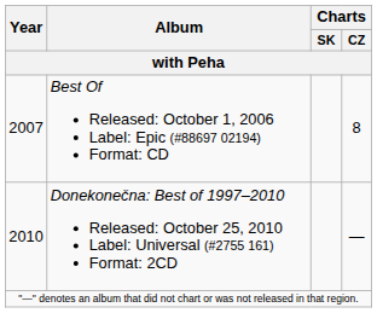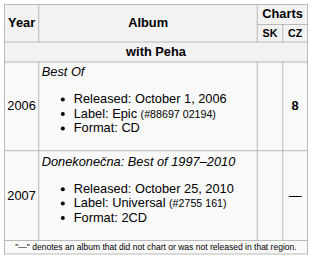 <table class="wikitable" style="text-align:center;">
 <tr>
 <th rowspan="2" width="5">Year</th>
 <th rowspan="2" width="266">Album</th>
 <th colspan="2" style="width:50px;">Charts</th>
 </tr>
 <tr style="font-size:smaller;">
 <th style="width:25px;">SK</th>
 <th style="width:25px;">CZ</th>
 </tr>
 <tr>
 <th colspan="5">with Peha</th>
 </tr>
 <tr>
-<td>2007</td>
+<td>2006</td>
 <td style="text-align:left;"><em>Best Of</em><br><ul><li>Released: October 1, 2006</li><li>Label: Epic <small>(#88697 02194)</small></li><li>Format: CD</li></ul></td>
 <td></td>
-<td>8</td>
+<td><strong>8</strong></td>
 </tr>
 <tr>
-<td>2010</td>
+<td>2007</td>
 <td style="text-align:left;"><em>Donekonečna: Best of 1997–2010</em><br><ul><li>Released: October 25, 2010</li><li>Label: Universal <small>(#2755 161)</small></li><li>Format: 2CD</li></ul></td>
 <td></td>
 <td>—</td>
 </tr>
 <tr>
 <td colspan="4" style="font-size: 8pt">"—" denotes an album that did not chart or was not released in that region.</td>
 </tr>
 </table>
